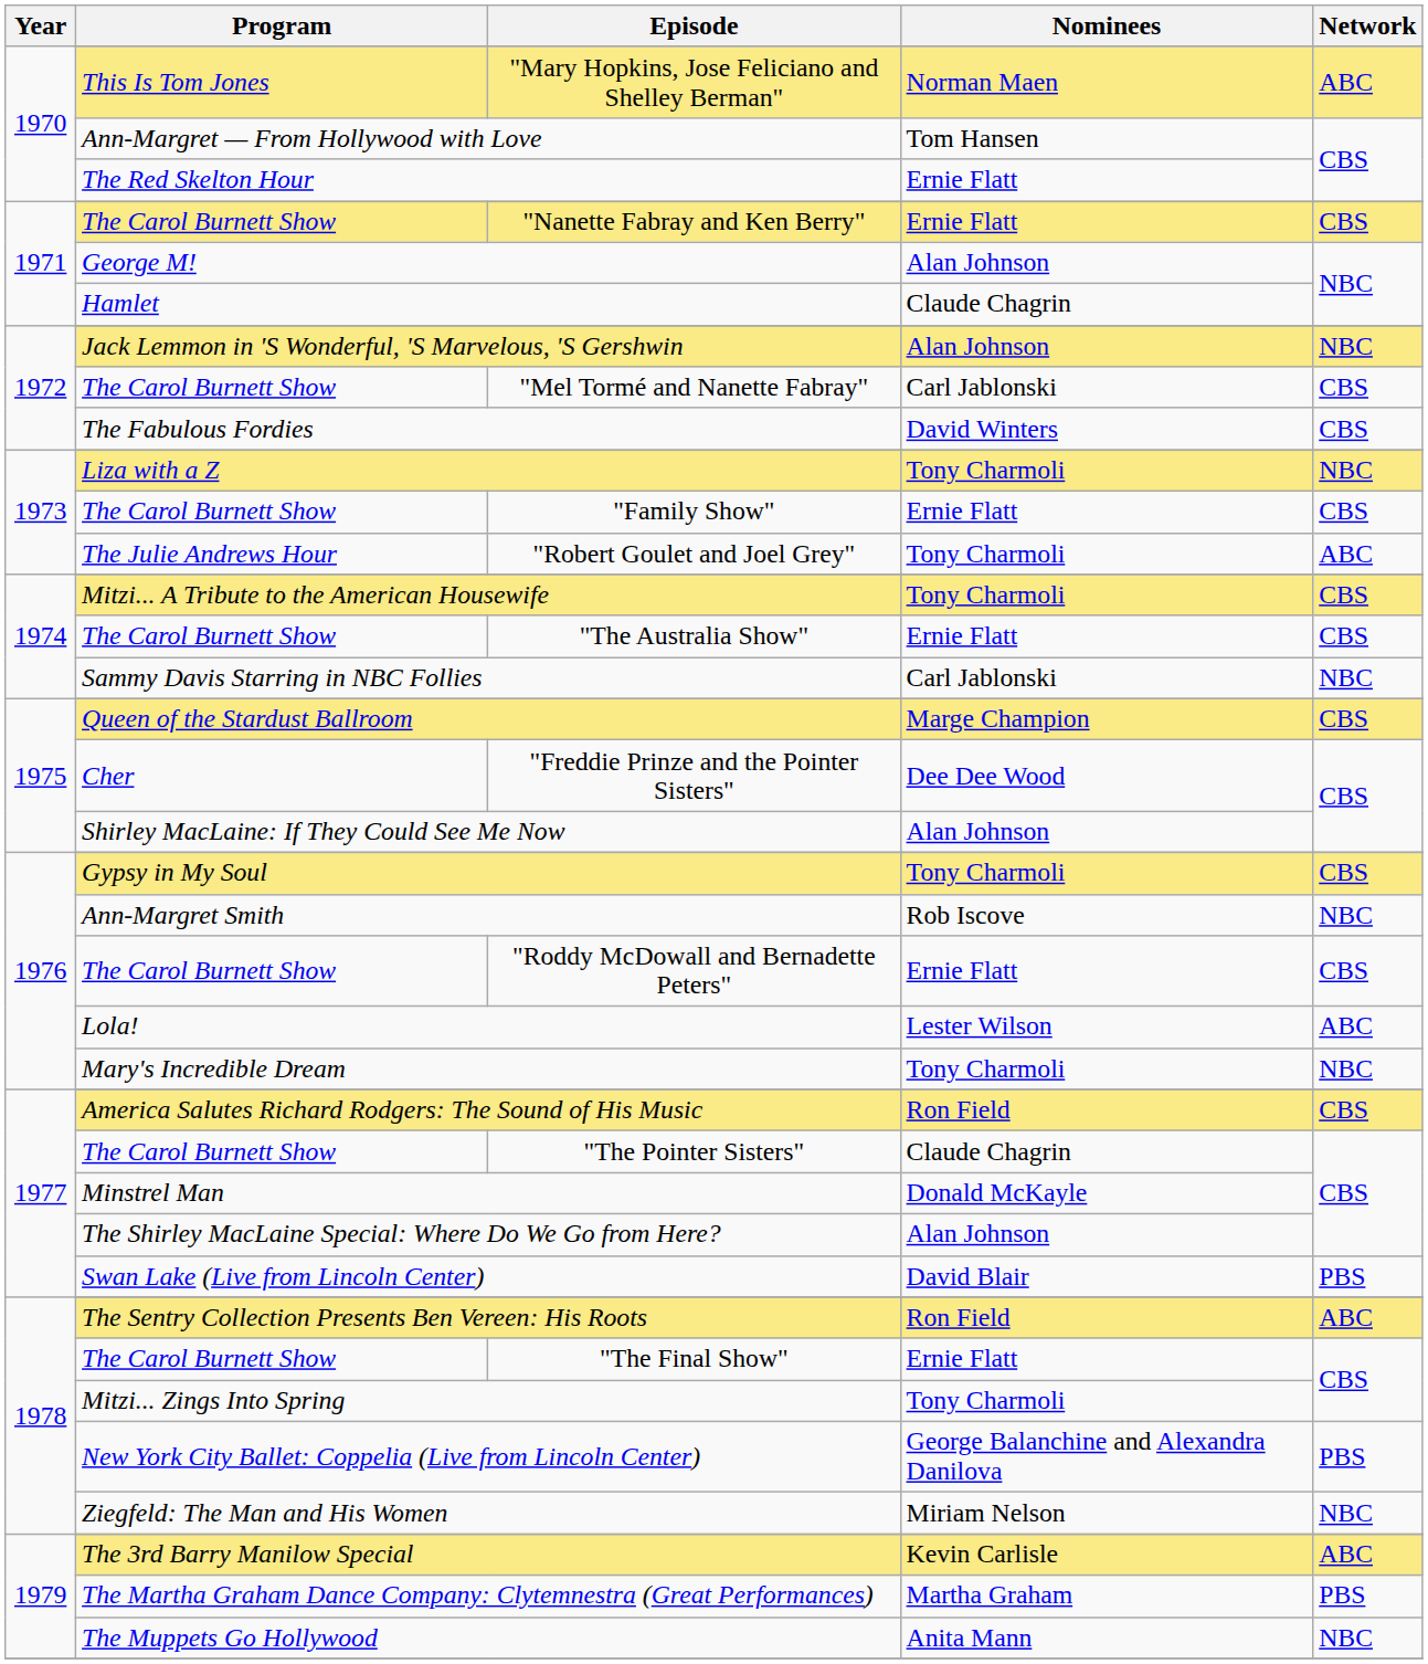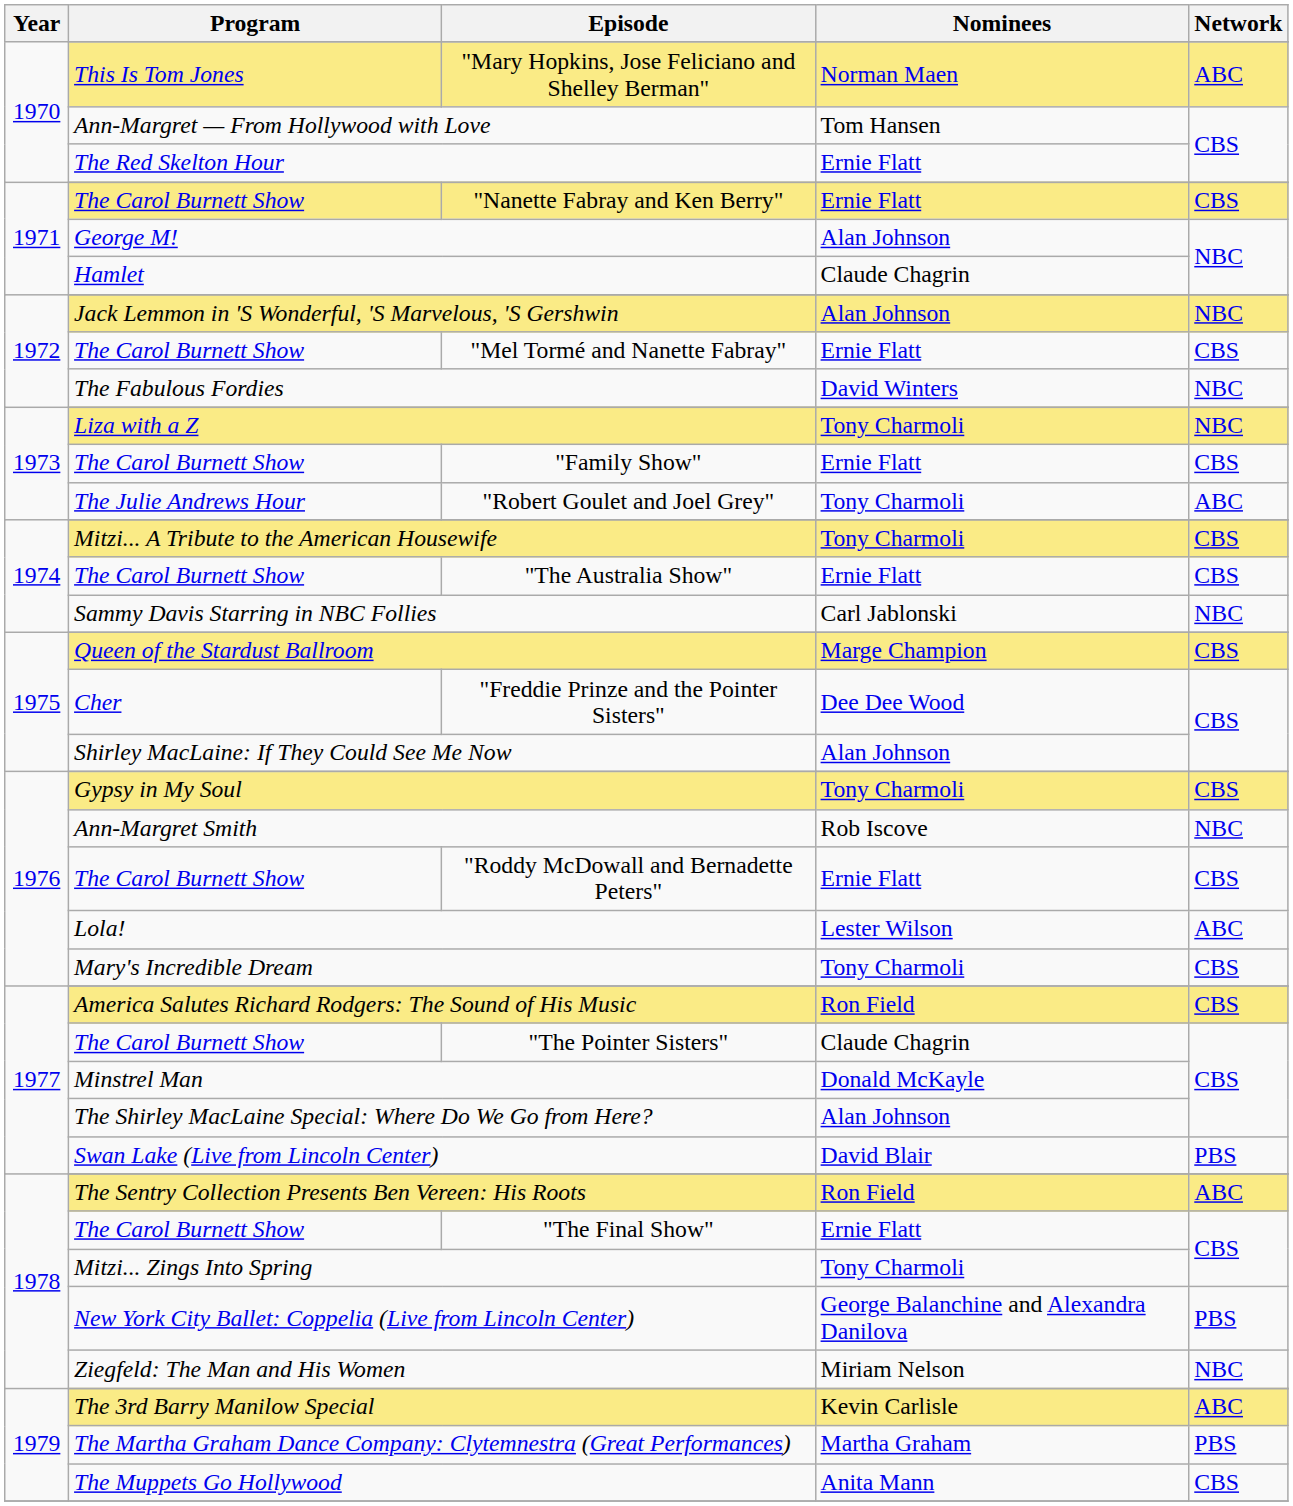 <table class="wikitable">
 <tr>
 <th width="5%">Year</th>
 <th width="30%">Program</th>
 <th width="30%">Episode</th>
 <th width="30%">Nominees</th>
 <th width="5%">Network</th>
 </tr>
 <tr>
 <td rowspan="4" style="text-align:center;"><a href='#'>1970</a><br></td>
 </tr>
 <tr style="background:#FAEB86">
 <td><em><a href='#'>This Is Tom Jones</a></em></td>
 <td align=center>"Mary Hopkins, Jose Feliciano and Shelley Berman"</td>
 <td><a href='#'>Norman Maen</a></td>
 <td><a href='#'>ABC</a></td>
 </tr>
 <tr>
 <td colspan=2><em>Ann-Margret — From Hollywood with Love</em></td>
 <td>Tom Hansen</td>
 <td rowspan=2><a href='#'>CBS</a></td>
 </tr>
 <tr>
 <td colspan=2><em><a href='#'>The Red Skelton Hour</a></em></td>
 <td><a href='#'>Ernie Flatt</a></td>
 </tr>
 <tr>
 <td rowspan="4" style="text-align:center;"><a href='#'>1971</a><br></td>
 </tr>
 <tr style="background:#FAEB86">
 <td><em><a href='#'>The Carol Burnett Show</a></em></td>
 <td align=center>"Nanette Fabray and Ken Berry"</td>
 <td><a href='#'>Ernie Flatt</a></td>
 <td><a href='#'>CBS</a></td>
 </tr>
 <tr>
 <td colspan=2><em><a href='#'>George M!</a></em></td>
 <td><a href='#'>Alan Johnson</a></td>
 <td rowspan=2><a href='#'>NBC</a></td>
 </tr>
 <tr>
 <td colspan=2><em><a href='#'>Hamlet</a></em></td>
 <td>Claude Chagrin</td>
 </tr>
 <tr>
 <td rowspan="4" style="text-align:center;"><a href='#'>1972</a><br></td>
 </tr>
 <tr style="background:#FAEB86">
 <td colspan=2><em>Jack Lemmon in 'S Wonderful, 'S Marvelous, 'S Gershwin</em></td>
 <td><a href='#'>Alan Johnson</a></td>
 <td><a href='#'>NBC</a></td>
 </tr>
 <tr>
 <td><em><a href='#'>The Carol Burnett Show</a></em></td>
 <td align=center>"Mel Tormé and Nanette Fabray"</td>
-<td>Carl Jablonski</td>
+<td><a href='#'>Ernie Flatt</a></td>
 <td><a href='#'>CBS</a></td>
 </tr>
 <tr>
 <td colspan=2><em>The Fabulous Fordies</em></td>
 <td><a href='#'>David Winters</a></td>
-<td><a href='#'>CBS</a></td>
+<td><a href='#'>NBC</a></td>
 </tr>
 <tr>
 <td rowspan="4" style="text-align:center;"><a href='#'>1973</a><br></td>
 </tr>
 <tr style="background:#FAEB86">
 <td colspan=2><em><a href='#'>Liza with a Z</a></em></td>
 <td><a href='#'>Tony Charmoli</a></td>
 <td><a href='#'>NBC</a></td>
 </tr>
 <tr>
 <td><em><a href='#'>The Carol Burnett Show</a></em></td>
 <td align=center>"Family Show"</td>
 <td><a href='#'>Ernie Flatt</a></td>
 <td><a href='#'>CBS</a></td>
 </tr>
 <tr>
 <td><em><a href='#'>The Julie Andrews Hour</a></em></td>
 <td align=center>"Robert Goulet and Joel Grey"</td>
 <td><a href='#'>Tony Charmoli</a></td>
 <td><a href='#'>ABC</a></td>
 </tr>
 <tr>
 <td rowspan="4" style="text-align:center;"><a href='#'>1974</a><br></td>
 </tr>
 <tr style="background:#FAEB86">
 <td colspan=2><em>Mitzi... A Tribute to the American Housewife</em></td>
 <td><a href='#'>Tony Charmoli</a></td>
 <td><a href='#'>CBS</a></td>
 </tr>
 <tr>
 <td><em><a href='#'>The Carol Burnett Show</a></em></td>
 <td align=center>"The Australia Show"</td>
 <td><a href='#'>Ernie Flatt</a></td>
 <td><a href='#'>CBS</a></td>
 </tr>
 <tr>
 <td colspan=2><em>Sammy Davis Starring in NBC Follies</em></td>
 <td>Carl Jablonski</td>
 <td><a href='#'>NBC</a></td>
 </tr>
 <tr>
 <td rowspan="4" style="text-align:center;"><a href='#'>1975</a><br></td>
 </tr>
 <tr style="background:#FAEB86">
 <td colspan=2><em><a href='#'>Queen of the Stardust Ballroom</a></em></td>
 <td><a href='#'>Marge Champion</a></td>
 <td><a href='#'>CBS</a></td>
 </tr>
 <tr>
 <td><em><a href='#'>Cher</a></em></td>
 <td align=center>"Freddie Prinze and the Pointer Sisters"</td>
 <td><a href='#'>Dee Dee Wood</a></td>
 <td rowspan=2><a href='#'>CBS</a></td>
 </tr>
 <tr>
 <td colspan=2><em>Shirley MacLaine: If They Could See Me Now</em></td>
 <td><a href='#'>Alan Johnson</a></td>
 </tr>
 <tr>
 <td rowspan="6" style="text-align:center;"><a href='#'>1976</a><br></td>
 </tr>
 <tr style="background:#FAEB86">
 <td colspan=2><em>Gypsy in My Soul</em></td>
 <td><a href='#'>Tony Charmoli</a></td>
 <td><a href='#'>CBS</a></td>
 </tr>
 <tr>
 <td colspan=2><em>Ann-Margret Smith</em></td>
 <td>Rob Iscove</td>
 <td><a href='#'>NBC</a></td>
 </tr>
 <tr>
 <td><em><a href='#'>The Carol Burnett Show</a></em></td>
 <td align=center>"Roddy McDowall and Bernadette Peters"</td>
 <td><a href='#'>Ernie Flatt</a></td>
 <td><a href='#'>CBS</a></td>
 </tr>
 <tr>
 <td colspan=2><em>Lola!</em></td>
 <td><a href='#'>Lester Wilson</a></td>
 <td><a href='#'>ABC</a></td>
 </tr>
 <tr>
 <td colspan=2><em>Mary's Incredible Dream</em></td>
 <td><a href='#'>Tony Charmoli</a></td>
-<td><a href='#'>NBC</a></td>
+<td><a href='#'>CBS</a></td>
 </tr>
 <tr>
 <td rowspan="6" style="text-align:center;"><a href='#'>1977</a><br></td>
 </tr>
 <tr style="background:#FAEB86">
 <td colspan=2><em>America Salutes Richard Rodgers: The Sound of His Music</em></td>
 <td><a href='#'>Ron Field</a></td>
 <td><a href='#'>CBS</a></td>
 </tr>
 <tr>
 <td><em><a href='#'>The Carol Burnett Show</a></em></td>
 <td align=center>"The Pointer Sisters"</td>
 <td>Claude Chagrin</td>
 <td rowspan=3><a href='#'>CBS</a></td>
 </tr>
 <tr>
 <td colspan=2><em>Minstrel Man</em></td>
 <td><a href='#'>Donald McKayle</a></td>
 </tr>
 <tr>
 <td colspan=2><em>The Shirley MacLaine Special: Where Do We Go from Here?</em></td>
 <td><a href='#'>Alan Johnson</a></td>
 </tr>
 <tr>
 <td colspan=2><em><a href='#'>Swan Lake</a> (<a href='#'>Live from Lincoln Center</a>)</em></td>
 <td><a href='#'>David Blair</a></td>
 <td><a href='#'>PBS</a></td>
 </tr>
 <tr>
 <td rowspan="6" style="text-align:center;"><a href='#'>1978</a><br></td>
 </tr>
 <tr style="background:#FAEB86">
 <td colspan=2><em>The Sentry Collection Presents Ben Vereen: His Roots</em></td>
 <td><a href='#'>Ron Field</a></td>
 <td><a href='#'>ABC</a></td>
 </tr>
 <tr>
 <td><em><a href='#'>The Carol Burnett Show</a></em></td>
 <td align=center>"The Final Show"</td>
 <td><a href='#'>Ernie Flatt</a></td>
 <td rowspan=2><a href='#'>CBS</a></td>
 </tr>
 <tr>
 <td colspan=2><em>Mitzi... Zings Into Spring</em></td>
 <td><a href='#'>Tony Charmoli</a></td>
 </tr>
 <tr>
 <td colspan=2><em><a href='#'>New York City Ballet: Coppelia</a> (<a href='#'>Live from Lincoln Center</a>)</em></td>
 <td><a href='#'>George Balanchine</a> and <a href='#'>Alexandra Danilova</a></td>
 <td><a href='#'>PBS</a></td>
 </tr>
 <tr>
 <td colspan=2><em>Ziegfeld: The Man and His Women</em></td>
 <td>Miriam Nelson</td>
 <td><a href='#'>NBC</a></td>
 </tr>
 <tr>
 <td rowspan="4" style="text-align:center;"><a href='#'>1979</a><br></td>
 </tr>
 <tr style="background:#FAEB86">
 <td colspan=2><em>The 3rd Barry Manilow Special</em></td>
 <td>Kevin Carlisle</td>
 <td><a href='#'>ABC</a></td>
 </tr>
 <tr>
 <td colspan=2><em><a href='#'>The Martha Graham Dance Company: Clytemnestra</a> (<a href='#'>Great Performances</a>)</em></td>
 <td><a href='#'>Martha Graham</a></td>
 <td><a href='#'>PBS</a></td>
 </tr>
 <tr>
 <td colspan=2><em><a href='#'>The Muppets Go Hollywood</a></em></td>
 <td><a href='#'>Anita Mann</a></td>
-<td><a href='#'>NBC</a></td>
+<td><a href='#'>CBS</a></td>
 </tr>
 <tr>
 </tr>
 </table>
